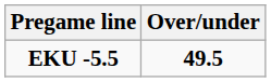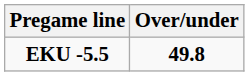 <table class="wikitable">
 <tr align="center">
 <th>Pregame line</th>
 <th>Over/under</th>
 </tr>
 <tr align="center">
 <td><strong>EKU -5.5</strong></td>
-<td><strong>49.5</strong></td>
+<td><strong>49.8</strong></td>
 </tr>
 </table>
